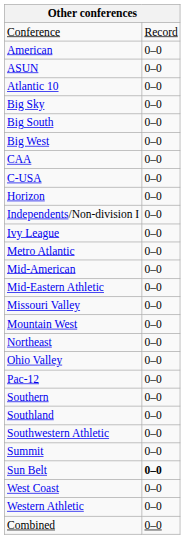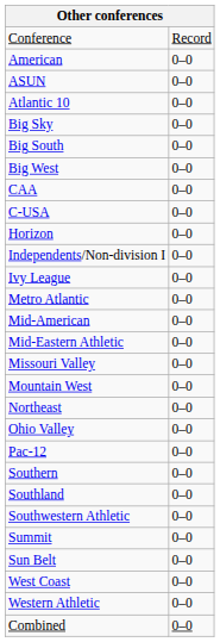 <table class="wikitable">
 <tr>
 <th colspan="2">Other conferences</th>
 </tr>
 <tr>
 <td><u>Conference</u></td>
 <td><u>Record</u></td>
 </tr>
 <tr>
 <td><a href='#'>American</a></td>
 <td>0–0</td>
 </tr>
 <tr>
 <td><a href='#'>ASUN</a></td>
 <td>0–0</td>
 </tr>
 <tr>
 <td><a href='#'>Atlantic 10</a></td>
 <td>0–0</td>
 </tr>
 <tr>
 <td><a href='#'>Big Sky</a></td>
 <td>0–0</td>
 </tr>
 <tr>
 <td><a href='#'>Big South</a></td>
 <td>0–0</td>
 </tr>
 <tr>
 <td><a href='#'>Big West</a></td>
 <td>0–0</td>
 </tr>
 <tr>
 <td><a href='#'>CAA</a></td>
 <td>0–0</td>
 </tr>
 <tr>
 <td><a href='#'>C-USA</a></td>
 <td>0–0</td>
 </tr>
 <tr>
 <td><a href='#'>Horizon</a></td>
 <td>0–0</td>
 </tr>
 <tr>
 <td><a href='#'>Independents</a>/Non-division I</td>
 <td>0–0</td>
 </tr>
 <tr>
 <td><a href='#'>Ivy League</a></td>
 <td>0–0</td>
 </tr>
 <tr>
 <td><a href='#'>Metro Atlantic</a></td>
 <td>0–0</td>
 </tr>
 <tr>
 <td><a href='#'>Mid-American</a></td>
 <td>0–0</td>
 </tr>
 <tr>
 <td><a href='#'>Mid-Eastern Athletic</a></td>
 <td>0–0</td>
 </tr>
 <tr>
 <td><a href='#'>Missouri Valley</a></td>
 <td>0–0</td>
 </tr>
 <tr>
 <td><a href='#'>Mountain West</a></td>
 <td>0–0</td>
 </tr>
 <tr>
 <td><a href='#'>Northeast</a></td>
 <td>0–0</td>
 </tr>
 <tr>
 <td><a href='#'>Ohio Valley</a></td>
 <td>0–0</td>
 </tr>
 <tr>
 <td><a href='#'>Pac-12</a></td>
 <td>0–0</td>
 </tr>
 <tr>
 <td><a href='#'>Southern</a></td>
 <td>0–0</td>
 </tr>
 <tr>
 <td><a href='#'>Southland</a></td>
 <td>0–0</td>
 </tr>
 <tr>
 <td><a href='#'>Southwestern Athletic</a></td>
 <td>0–0</td>
 </tr>
 <tr>
 <td><a href='#'>Summit</a></td>
 <td>0–0</td>
 </tr>
 <tr>
 <td><a href='#'>Sun Belt</a></td>
-<td><strong>0–0</strong></td>
+<td>0–0</td>
 </tr>
 <tr>
 <td><a href='#'>West Coast</a></td>
 <td>0–0</td>
 </tr>
 <tr>
 <td><a href='#'>Western Athletic</a></td>
 <td>0–0</td>
 </tr>
 <tr>
 <td><u>Combined</u></td>
 <td><u>0–0</u></td>
 </tr>
 </table>
